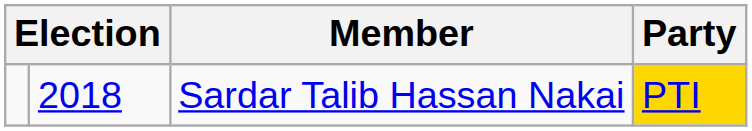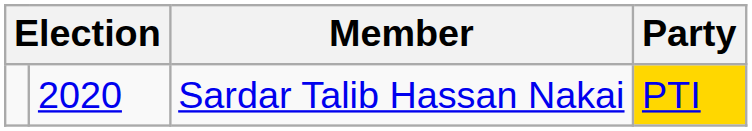 <table class="wikitable">
 <tr>
 <th colspan="2">Election</th>
 <th>Member</th>
 <th>Party</th>
 </tr>
 <tr>
 <td style="background-color: "></td>
-<td><a href='#'>2018</a></td>
+<td><a href='#'>2020</a></td>
 <td><a href='#'>Sardar Talib Hassan Nakai</a></td>
 <td style="background: gold;"><a href='#'>PTI</a></td>
 </tr>
 </table>
